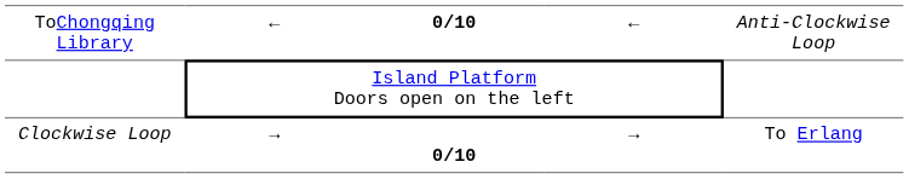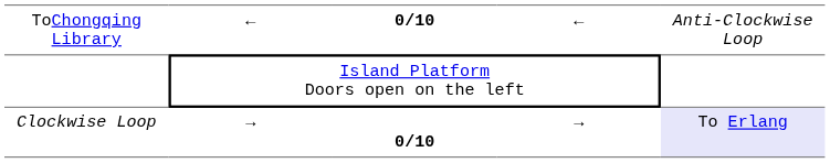 <table table border=0 cellspacing=0 cellpadding=4>
 <tr>
 <td style="border-top:solid 1px gray;" width=120 valign=top align=center>To<a href='#'>Chongqing Library</a></td>
 <td style="border-top:solid 1px gray;" width=120 valign=top align=center>←</td>
 <th style="border-top:solid 1px gray;" width=120 valign=top align=center><span>0/10<br></span></th>
 <td style="border-top:solid 1px gray;" width=120 valign=top align=center>←</td>
 <td style="border-top:solid 1px gray;" width=120 valign=top align=center><em>Anti-Clockwise Loop</em></td>
 </tr>
 <tr>
 <td style="border-top:solid 1px gray;border-bottom:solid 1px gray;" width=120 valign=top align=center></td>
 <td style="border-top:solid 2px black;border-right:solid 2px black;border-left:solid 2px black;border-bottom:solid 2px black;" colspan=3 align=center><a href='#'>Island Platform</a><br>Doors open on the left</td>
 <td style="border-top:solid 1px gray;border-bottom:solid 1px gray;" width=120 valign=top align=center></td>
 <td></td>
 </tr>
 <tr>
 <td style="border-bottom:solid 1px gray;" valign=top align=center><em>Clockwise Loop</em></td>
 <td style="border-bottom:solid 1px gray;" width=120 valign=top align=center>→</td>
 <th style="border-bottom:solid 1px gray;" colspan=1 valign=top align=center><span><br>0/10</span></th>
 <td style="border-bottom:solid 1px gray;" width=120 valign=top align=center>→</td>
-<td style="border-bottom:solid 1px gray;"  valign=top align=center>To  <a href='#'>Erlang</a></td>
+<td style="background: lavender; border-bottom:solid 1px gray;"  valign=top align=center>To  <a href='#'>Erlang</a></td>
 </tr>
 </table>
